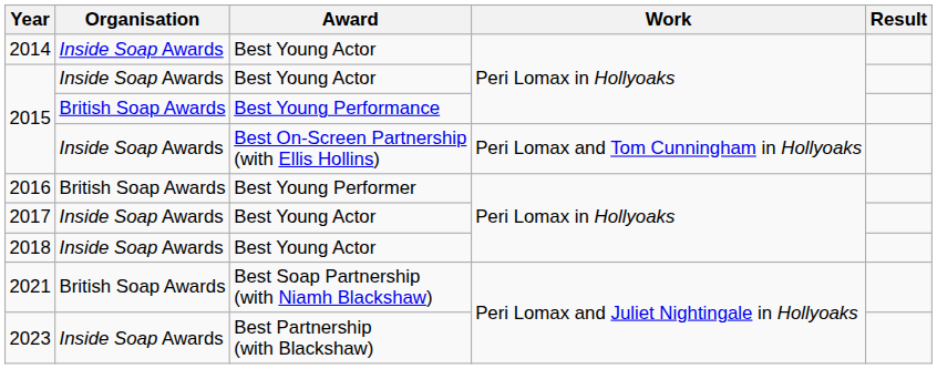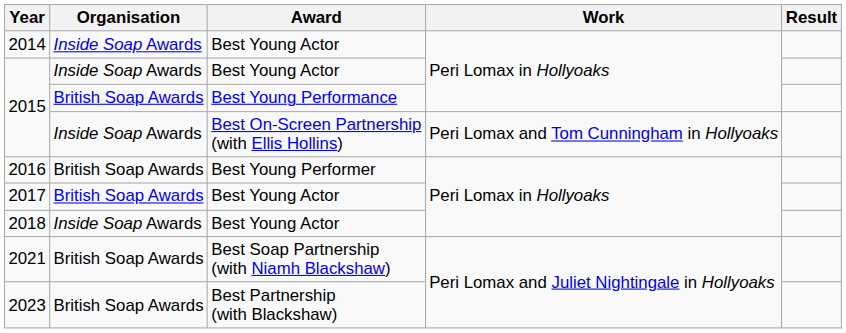 <table class="wikitable plainrowheaders">
 <tr>
 <th>Year</th>
 <th>Organisation</th>
 <th>Award</th>
 <th>Work</th>
 <th>Result</th>
 </tr>
 <tr>
 <td>2014</td>
 <td><a href='#'><em>Inside Soap</em> Awards</a></td>
 <td>Best Young Actor</td>
 <td rowspan="3">Peri Lomax in <em>Hollyoaks</em></td>
 <td></td>
 </tr>
 <tr>
 <td rowspan="3">2015</td>
 <td><em>Inside Soap</em> Awards</td>
 <td>Best Young Actor</td>
 <td></td>
 </tr>
 <tr>
 <td><a href='#'>British Soap Awards</a></td>
 <td><a href='#'>Best Young Performance</a></td>
 <td></td>
 </tr>
 <tr>
 <td><em>Inside Soap</em> Awards</td>
 <td><a href='#'>Best On-Screen Partnership</a> <br> <span>(with <a href='#'>Ellis Hollins</a>)</span></td>
 <td>Peri Lomax and <a href='#'>Tom Cunningham</a> in <em>Hollyoaks</em></td>
 <td></td>
 </tr>
 <tr>
 <td>2016</td>
 <td>British Soap Awards</td>
 <td>Best Young Performer</td>
 <td rowspan="3”">Peri Lomax in <em>Hollyoaks</em></td>
 <td></td>
 </tr>
 <tr>
 <td>2017</td>
-<td><em>Inside Soap</em> Awards</td>
+<td><a href='#'>British Soap Awards</a></td>
 <td>Best Young Actor</td>
 <td></td>
 </tr>
 <tr>
 <td>2018</td>
 <td><em>Inside Soap</em> Awards</td>
 <td>Best Young Actor</td>
 <td></td>
 </tr>
 <tr>
 <td>2021</td>
 <td>British Soap Awards</td>
 <td>Best Soap Partnership <br> <span>(with <a href='#'>Niamh Blackshaw</a>)</span></td>
 <td rowspan="2">Peri Lomax and <a href='#'>Juliet Nightingale</a> in <em>Hollyoaks</em></td>
 <td></td>
 </tr>
 <tr>
 <td>2023</td>
-<td><em>Inside Soap</em> Awards</td>
+<td>British Soap Awards</td>
 <td>Best Partnership <br> <span>(with Blackshaw)</span></td>
 <td></td>
 </tr>
 </table>
